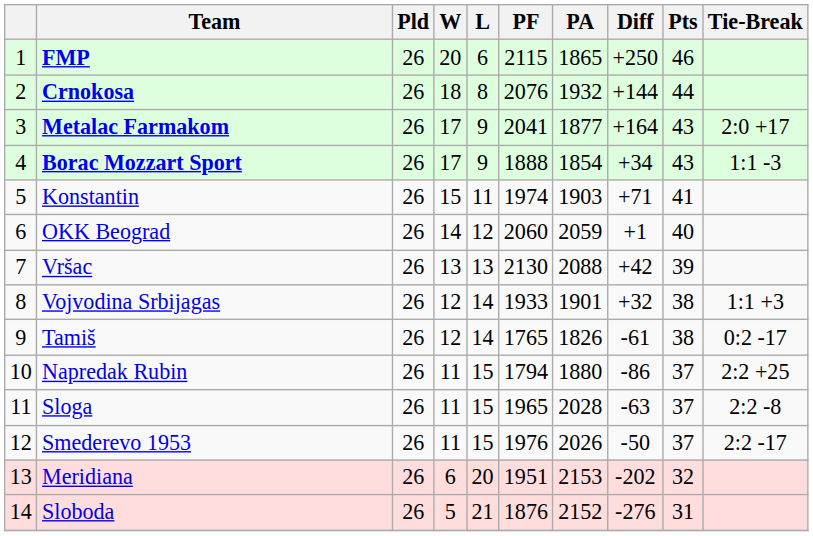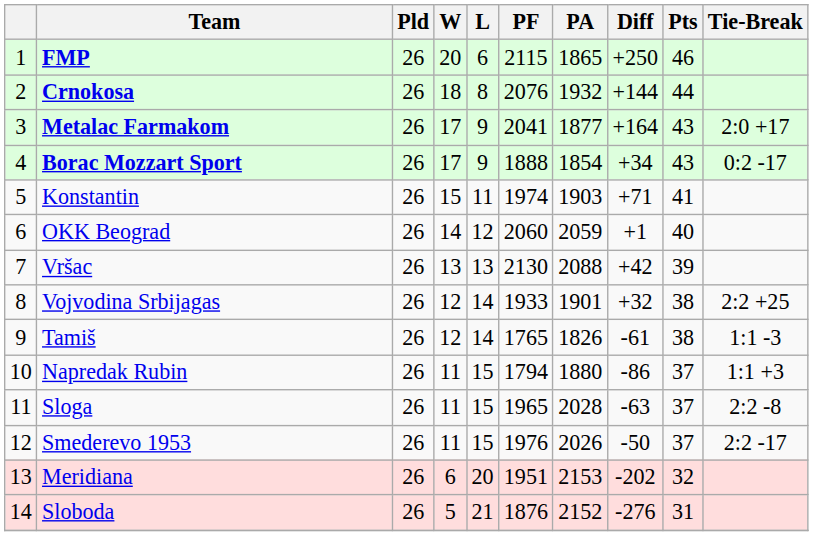 <table class="wikitable sortable" style="text-align:center">
 <tr>
 <th></th>
 <th width="250">Team</th>
 <th>Pld</th>
 <th>W</th>
 <th>L</th>
 <th>PF</th>
 <th>PA</th>
 <th>Diff</th>
 <th>Pts</th>
 <th>Tie-Break</th>
 </tr>
 <tr style="background: #ddffdd">
 <td>1</td>
 <td align=left><strong><a href='#'>FMP</a></strong></td>
 <td>26</td>
 <td>20</td>
 <td>6</td>
 <td>2115</td>
 <td>1865</td>
 <td>+250</td>
 <td>46</td>
 <td></td>
 </tr>
 <tr style="background: #ddffdd">
 <td>2</td>
 <td align=left><strong><a href='#'>Crnokosa</a></strong></td>
 <td>26</td>
 <td>18</td>
 <td>8</td>
 <td>2076</td>
 <td>1932</td>
 <td>+144</td>
 <td>44</td>
 <td></td>
 </tr>
 <tr style="background: #ddffdd">
 <td>3</td>
 <td align=left><strong><a href='#'>Metalac Farmakom</a></strong></td>
 <td>26</td>
 <td>17</td>
 <td>9</td>
 <td>2041</td>
 <td>1877</td>
 <td>+164</td>
 <td>43</td>
 <td>2:0 +17</td>
 </tr>
 <tr style="background: #ddffdd">
 <td>4</td>
 <td align=left><strong><a href='#'>Borac Mozzart Sport</a></strong></td>
 <td>26</td>
 <td>17</td>
 <td>9</td>
 <td>1888</td>
 <td>1854</td>
 <td>+34</td>
 <td>43</td>
-<td>1:1 -3</td>
+<td>0:2 -17</td>
 </tr>
 <tr>
 <td>5</td>
 <td align=left><a href='#'>Konstantin</a></td>
 <td>26</td>
 <td>15</td>
 <td>11</td>
 <td>1974</td>
 <td>1903</td>
 <td>+71</td>
 <td>41</td>
 <td></td>
 </tr>
 <tr>
 <td>6</td>
 <td align=left><a href='#'>OKK Beograd</a></td>
 <td>26</td>
 <td>14</td>
 <td>12</td>
 <td>2060</td>
 <td>2059</td>
 <td>+1</td>
 <td>40</td>
 <td></td>
 </tr>
 <tr>
 <td>7</td>
 <td align=left><a href='#'>Vršac</a></td>
 <td>26</td>
 <td>13</td>
 <td>13</td>
 <td>2130</td>
 <td>2088</td>
 <td>+42</td>
 <td>39</td>
 <td></td>
 </tr>
 <tr>
 <td>8</td>
 <td align=left><a href='#'>Vojvodina Srbijagas</a></td>
 <td>26</td>
 <td>12</td>
 <td>14</td>
 <td>1933</td>
 <td>1901</td>
 <td>+32</td>
 <td>38</td>
-<td>1:1 +3</td>
+<td>2:2 +25</td>
 </tr>
 <tr>
 <td>9</td>
 <td align=left><a href='#'>Tamiš</a></td>
 <td>26</td>
 <td>12</td>
 <td>14</td>
 <td>1765</td>
 <td>1826</td>
 <td>-61</td>
 <td>38</td>
-<td>0:2 -17</td>
+<td>1:1 -3</td>
 </tr>
 <tr>
 <td>10</td>
 <td align=left><a href='#'>Napredak Rubin</a></td>
 <td>26</td>
 <td>11</td>
 <td>15</td>
 <td>1794</td>
 <td>1880</td>
 <td>-86</td>
 <td>37</td>
-<td>2:2 +25</td>
+<td>1:1 +3</td>
 </tr>
 <tr>
 <td>11</td>
 <td align=left><a href='#'>Sloga</a></td>
 <td>26</td>
 <td>11</td>
 <td>15</td>
 <td>1965</td>
 <td>2028</td>
 <td>-63</td>
 <td>37</td>
 <td>2:2 -8</td>
 </tr>
 <tr>
 <td>12</td>
 <td align=left><a href='#'>Smederevo 1953</a></td>
 <td>26</td>
 <td>11</td>
 <td>15</td>
 <td>1976</td>
 <td>2026</td>
 <td>-50</td>
 <td>37</td>
 <td>2:2 -17</td>
 </tr>
 <tr style="background: #ffdddd">
 <td>13</td>
 <td align=left><a href='#'>Meridiana</a></td>
 <td>26</td>
 <td>6</td>
 <td>20</td>
 <td>1951</td>
 <td>2153</td>
 <td>-202</td>
 <td>32</td>
 <td></td>
 </tr>
 <tr style="background: #ffdddd">
 <td>14</td>
 <td align=left><a href='#'>Sloboda</a></td>
 <td>26</td>
 <td>5</td>
 <td>21</td>
 <td>1876</td>
 <td>2152</td>
 <td>-276</td>
 <td>31</td>
 <td></td>
 </tr>
 <tr>
 </tr>
 </table>
